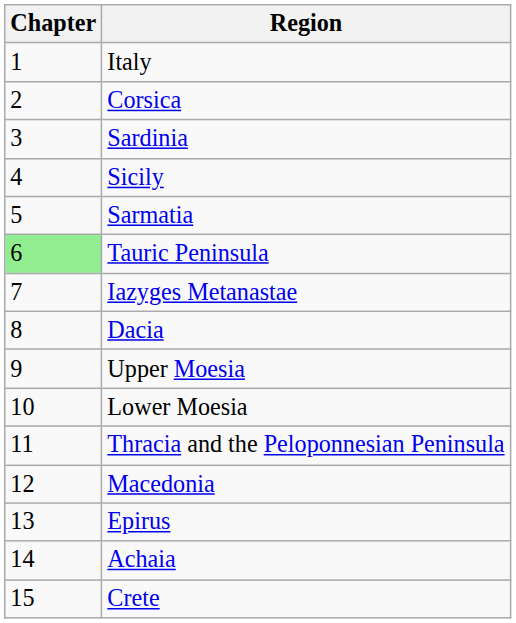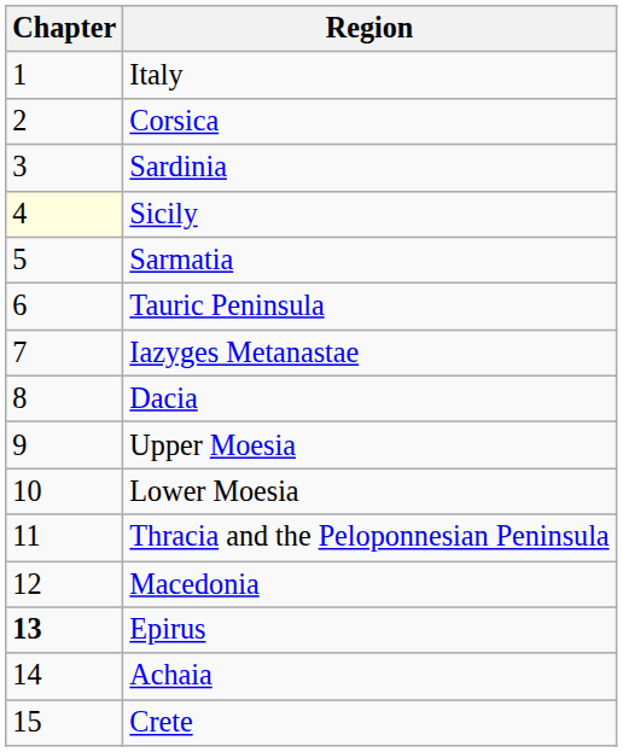 <table class="wikitable">
 <tr>
 <th>Chapter</th>
 <th>Region</th>
 </tr>
 <tr>
 <td>1</td>
 <td>Italy</td>
 </tr>
 <tr>
 <td>2</td>
 <td><a href='#'>Corsica</a></td>
 </tr>
 <tr>
 <td>3</td>
 <td><a href='#'>Sardinia</a></td>
 </tr>
 <tr>
-<td>4</td>
+<td style="background: lightyellow;">4</td>
 <td><a href='#'>Sicily</a></td>
 </tr>
 <tr>
 <td>5</td>
 <td><a href='#'>Sarmatia</a></td>
 </tr>
 <tr>
-<td style="background: lightgreen;">6</td>
+<td>6</td>
 <td><a href='#'>Tauric Peninsula</a></td>
 </tr>
 <tr>
 <td>7</td>
 <td><a href='#'>Iazyges Metanastae</a></td>
 </tr>
 <tr>
 <td>8</td>
 <td><a href='#'>Dacia</a></td>
 </tr>
 <tr>
 <td>9</td>
 <td>Upper <a href='#'>Moesia</a></td>
 </tr>
 <tr>
 <td>10</td>
 <td>Lower Moesia</td>
 </tr>
 <tr>
 <td>11</td>
 <td><a href='#'>Thracia</a> and the <a href='#'>Peloponnesian Peninsula</a></td>
 </tr>
 <tr>
 <td>12</td>
 <td><a href='#'>Macedonia</a></td>
 </tr>
 <tr>
-<td>13</td>
+<td><strong>13</strong></td>
 <td><a href='#'>Epirus</a></td>
 </tr>
 <tr>
 <td>14</td>
 <td><a href='#'>Achaia</a></td>
 </tr>
 <tr>
 <td>15</td>
 <td><a href='#'>Crete</a></td>
 </tr>
 </table>
